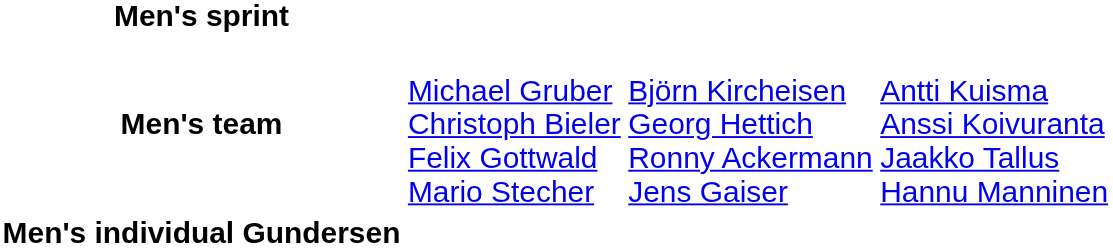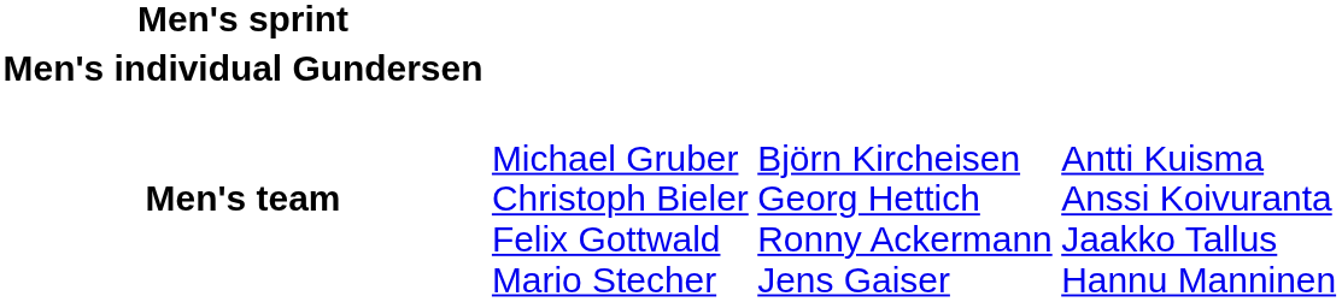 <table>
 <tr>
 <th scope="row">Men's sprint<br></th>
+<td></td>
+<td></td>
+<td></td>
+</tr>
+<tr>
+<th scope="row">Men's individual Gundersen<br></th>
 <td></td>
 <td></td>
 <td></td>
 </tr>
 <tr>
 <th scope="row">Men's team<br></th>
 <td><br><a href='#'>Michael Gruber</a><br><a href='#'>Christoph Bieler</a><br><a href='#'>Felix Gottwald</a><br><a href='#'>Mario Stecher</a></td>
 <td><br><a href='#'>Björn Kircheisen</a><br><a href='#'>Georg Hettich</a><br><a href='#'>Ronny Ackermann</a><br><a href='#'>Jens Gaiser</a></td>
 <td><br><a href='#'>Antti Kuisma</a><br><a href='#'>Anssi Koivuranta</a><br><a href='#'>Jaakko Tallus</a><br><a href='#'>Hannu Manninen</a></td>
 </tr>
-<tr>
-<th scope="row">Men's individual Gundersen<br></th>
-<td></td>
-<td></td>
-<td></td>
-</tr>
 </table>
